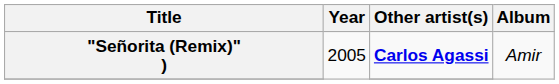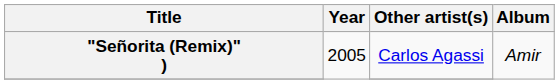 <table class="wikitable plainrowheaders" style="text-align:center;">
 <tr>
 <th scope="col" style="width:18em;">Title</th>
 <th scope="col">Year</th>
 <th scope="col">Other artist(s)</th>
 <th scope="col">Album</th>
 </tr>
 <tr>
 <th scope="row">"Señorita (Remix)"<br>) </th>
 <td rowspan="2">2005</td>
-<td><strong><a href='#'>Carlos Agassi</a></strong></td>
+<td><a href='#'>Carlos Agassi</a></td>
 <td rowspan="2"><em>Amir</em></td>
 </tr>
 <tr>
 </tr>
 </table>
